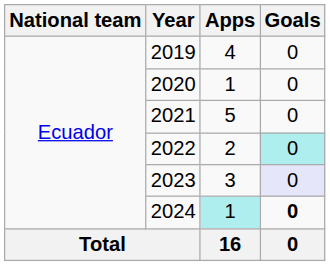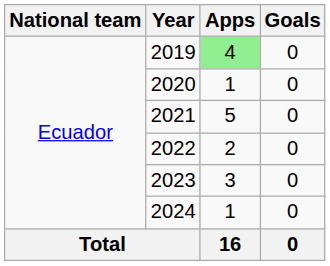 <table class="wikitable" style="text-align:center">
 <tr>
 <th>National team</th>
 <th>Year</th>
 <th>Apps</th>
 <th>Goals</th>
 </tr>
 <tr>
 <td rowspan="6"><a href='#'>Ecuador</a></td>
 <td>2019</td>
-<td>4</td>
+<td style="background: lightgreen;">4</td>
 <td>0</td>
 </tr>
 <tr>
 <td>2020</td>
 <td>1</td>
 <td>0</td>
 </tr>
 <tr>
 <td>2021</td>
 <td>5</td>
 <td>0</td>
 </tr>
 <tr>
 <td>2022</td>
 <td>2</td>
-<td style="background: paleturquoise;">0</td>
+<td>0</td>
 </tr>
 <tr>
 <td>2023</td>
 <td>3</td>
-<td style="background: lavender;">0</td>
+<td>0</td>
 </tr>
 <tr>
 <td>2024</td>
-<td style="background: paleturquoise;">1</td>
-<td><strong>0</strong></td>
+<td>1</td>
+<td>0</td>
 </tr>
 <tr>
 <th colspan="2">Total</th>
 <th>16</th>
 <th>0</th>
 </tr>
 </table>
